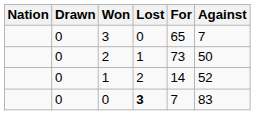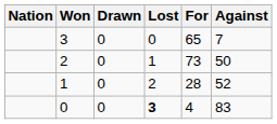 <table class="wikitable">
 <tr>
 <th>Nation</th>
+<th>Won</th>
 <th>Drawn</th>
-<th>Won</th>
 <th>Lost</th>
 <th>For</th>
 <th>Against</th>
 </tr>
 <tr>
 <td></td>
+<td>3</td>
 <td>0</td>
-<td>3</td>
 <td>0</td>
 <td>65</td>
 <td>7</td>
 </tr>
 <tr>
 <td></td>
+<td>2</td>
 <td>0</td>
-<td>2</td>
 <td>1</td>
 <td>73</td>
 <td>50</td>
 </tr>
 <tr>
 <td></td>
+<td>1</td>
 <td>0</td>
-<td>1</td>
 <td>2</td>
-<td>14</td>
+<td>28</td>
 <td>52</td>
 </tr>
 <tr>
 <td></td>
 <td>0</td>
 <td>0</td>
 <td><strong>3</strong></td>
-<td>7</td>
+<td>4</td>
 <td>83</td>
 </tr>
 </table>
